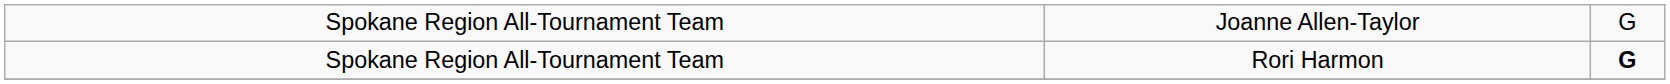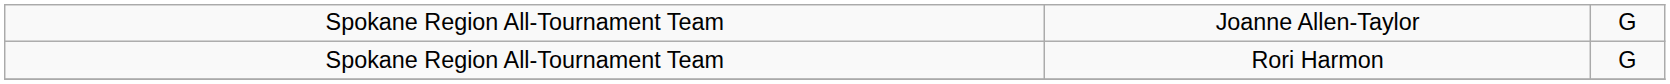 <table class="wikitable" style="width: 90%;text-align: center;">
 <tr align="center">
 <td rowspan="1">Spokane Region All-Tournament Team</td>
 <td>Joanne Allen-Taylor</td>
 <td>G</td>
 </tr>
 <tr>
 <td rowspan="1">Spokane Region All-Tournament Team</td>
 <td>Rori Harmon</td>
-<td><strong>G</strong></td>
+<td>G</td>
 </tr>
 <tr>
 </tr>
 </table>
